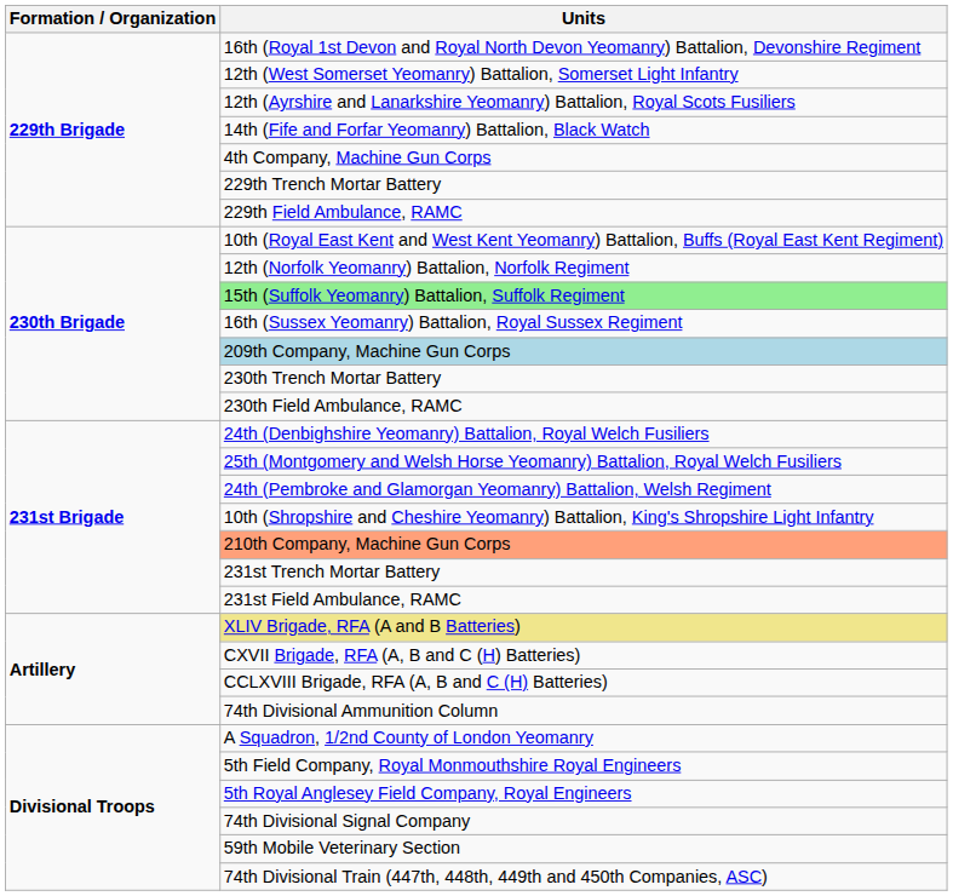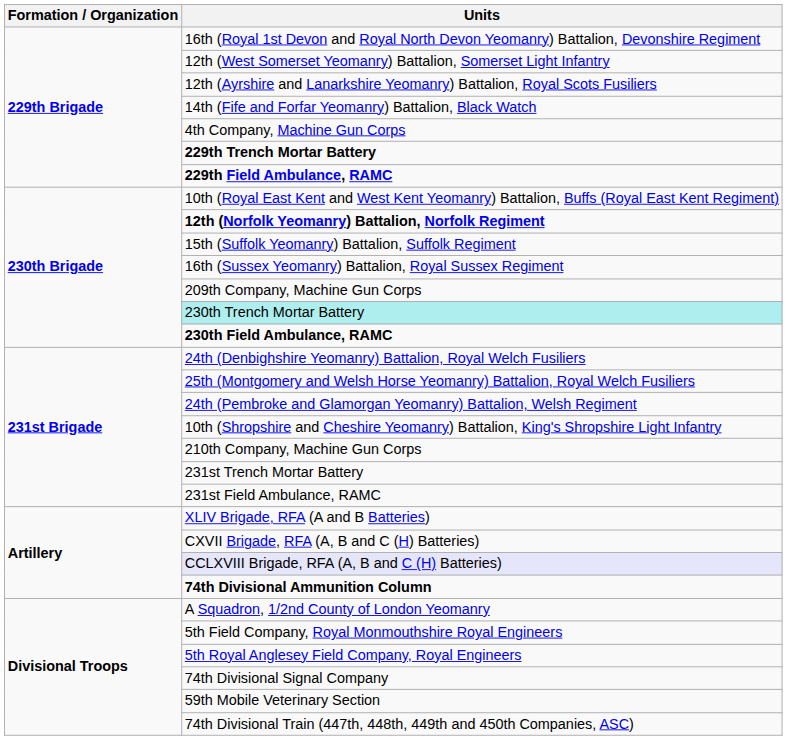 <table class="wikitable" style="text-align:left;">
 <tr>
 <th>Formation / Organization</th>
 <th>Units</th>
 </tr>
 <tr>
 <td rowspan=7><strong><a href='#'>229th Brigade</a></strong></td>
 <td>16th (<a href='#'>Royal 1st Devon</a> and <a href='#'>Royal North Devon Yeomanry</a>) Battalion, <a href='#'>Devonshire Regiment</a></td>
 </tr>
 <tr>
 <td>12th (<a href='#'>West Somerset Yeomanry</a>) Battalion, <a href='#'>Somerset Light Infantry</a></td>
 </tr>
 <tr>
 <td>12th (<a href='#'>Ayrshire</a> and <a href='#'>Lanarkshire Yeomanry</a>) Battalion, <a href='#'>Royal Scots Fusiliers</a></td>
 </tr>
 <tr>
 <td>14th (<a href='#'>Fife and Forfar Yeomanry</a>) Battalion, <a href='#'>Black Watch</a></td>
 </tr>
 <tr>
 <td>4th Company, <a href='#'>Machine Gun Corps</a></td>
 </tr>
 <tr>
-<td>229th Trench Mortar Battery</td>
+<td><strong>229th Trench Mortar Battery</strong></td>
 </tr>
 <tr>
-<td>229th <a href='#'>Field Ambulance</a>, <a href='#'>RAMC</a></td>
+<td><strong>229th <a href='#'>Field Ambulance</a>, <a href='#'>RAMC</a></strong></td>
 </tr>
 <tr>
 <td rowspan=7><strong><a href='#'>230th Brigade</a></strong></td>
 <td>10th (<a href='#'>Royal East Kent</a> and <a href='#'>West Kent Yeomanry</a>) Battalion, <a href='#'>Buffs (Royal East Kent Regiment)</a></td>
 </tr>
 <tr>
-<td>12th (<a href='#'>Norfolk Yeomanry</a>) Battalion, <a href='#'>Norfolk Regiment</a></td>
+<td><strong>12th (<a href='#'>Norfolk Yeomanry</a>) Battalion, <a href='#'>Norfolk Regiment</a></strong></td>
 </tr>
 <tr>
-<td style="background: lightgreen;">15th (<a href='#'>Suffolk Yeomanry</a>) Battalion, <a href='#'>Suffolk Regiment</a></td>
+<td>15th (<a href='#'>Suffolk Yeomanry</a>) Battalion, <a href='#'>Suffolk Regiment</a></td>
 </tr>
 <tr>
 <td>16th (<a href='#'>Sussex Yeomanry</a>) Battalion, <a href='#'>Royal Sussex Regiment</a></td>
 </tr>
 <tr>
-<td style="background: lightblue;">209th Company, Machine Gun Corps</td>
+<td>209th Company, Machine Gun Corps</td>
 </tr>
 <tr>
-<td>230th Trench Mortar Battery</td>
+<td style="background: paleturquoise;">230th Trench Mortar Battery</td>
 </tr>
 <tr>
-<td>230th Field Ambulance, RAMC</td>
+<td><strong>230th Field Ambulance, RAMC</strong></td>
 </tr>
 <tr>
 <td rowspan=7><strong><a href='#'>231st Brigade</a></strong></td>
 <td><a href='#'>24th (Denbighshire Yeomanry) Battalion, Royal Welch Fusiliers</a></td>
 </tr>
 <tr>
 <td><a href='#'>25th (Montgomery and Welsh Horse Yeomanry) Battalion, Royal Welch Fusiliers</a></td>
 </tr>
 <tr>
 <td><a href='#'>24th (Pembroke and Glamorgan Yeomanry) Battalion, Welsh Regiment</a></td>
 </tr>
 <tr>
 <td>10th (<a href='#'>Shropshire</a> and <a href='#'>Cheshire Yeomanry</a>) Battalion, <a href='#'>King's Shropshire Light Infantry</a></td>
 </tr>
 <tr>
-<td style="background: lightsalmon;">210th Company, Machine Gun Corps</td>
+<td>210th Company, Machine Gun Corps</td>
 </tr>
 <tr>
 <td>231st Trench Mortar Battery</td>
 </tr>
 <tr>
 <td>231st Field Ambulance, RAMC</td>
 </tr>
 <tr>
 <td rowspan=4><strong>Artillery</strong></td>
-<td style="background: khaki;"><a href='#'>XLIV Brigade, RFA</a> (A and B <a href='#'>Batteries</a>)</td>
+<td><a href='#'>XLIV Brigade, RFA</a> (A and B <a href='#'>Batteries</a>)</td>
 </tr>
 <tr>
 <td>CXVII <a href='#'>Brigade</a>, <a href='#'>RFA</a> (A, B and C (<a href='#'>H</a>) Batteries)</td>
 </tr>
 <tr>
-<td>CCLXVIII Brigade, RFA (A, B and <a href='#'>C (H)</a> Batteries)</td>
+<td style="background: lavender;">CCLXVIII Brigade, RFA (A, B and <a href='#'>C (H)</a> Batteries)</td>
 </tr>
 <tr>
-<td>74th Divisional Ammunition Column</td>
+<td><strong>74th Divisional Ammunition Column</strong></td>
 </tr>
 <tr>
 <td rowspan=6><strong>Divisional Troops</strong></td>
 <td>A <a href='#'>Squadron</a>, <a href='#'>1/2nd County of London Yeomanry</a></td>
 </tr>
 <tr>
 <td>5th Field Company, <a href='#'>Royal Monmouthshire Royal Engineers</a></td>
 </tr>
 <tr>
 <td><a href='#'>5th Royal Anglesey Field Company, Royal Engineers</a></td>
 </tr>
 <tr>
 <td>74th Divisional Signal Company</td>
 </tr>
 <tr>
 <td>59th Mobile Veterinary Section</td>
 </tr>
 <tr>
 <td>74th Divisional Train (447th, 448th, 449th and 450th Companies, <a href='#'>ASC</a>)</td>
 </tr>
 </table>
